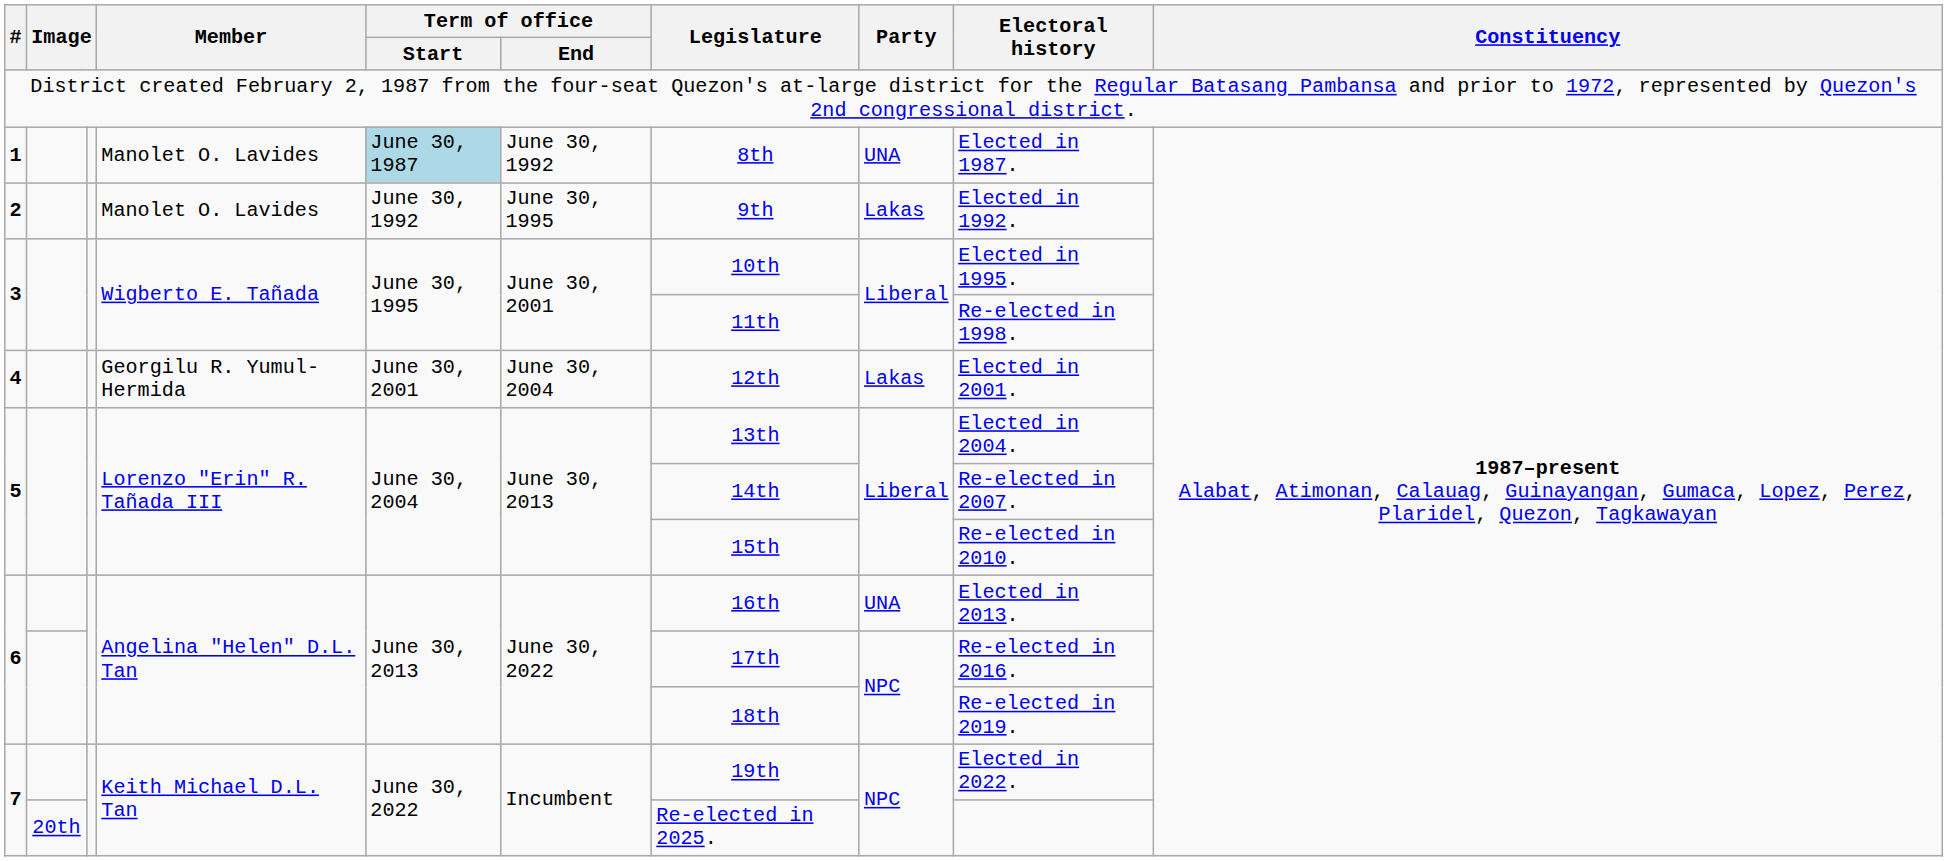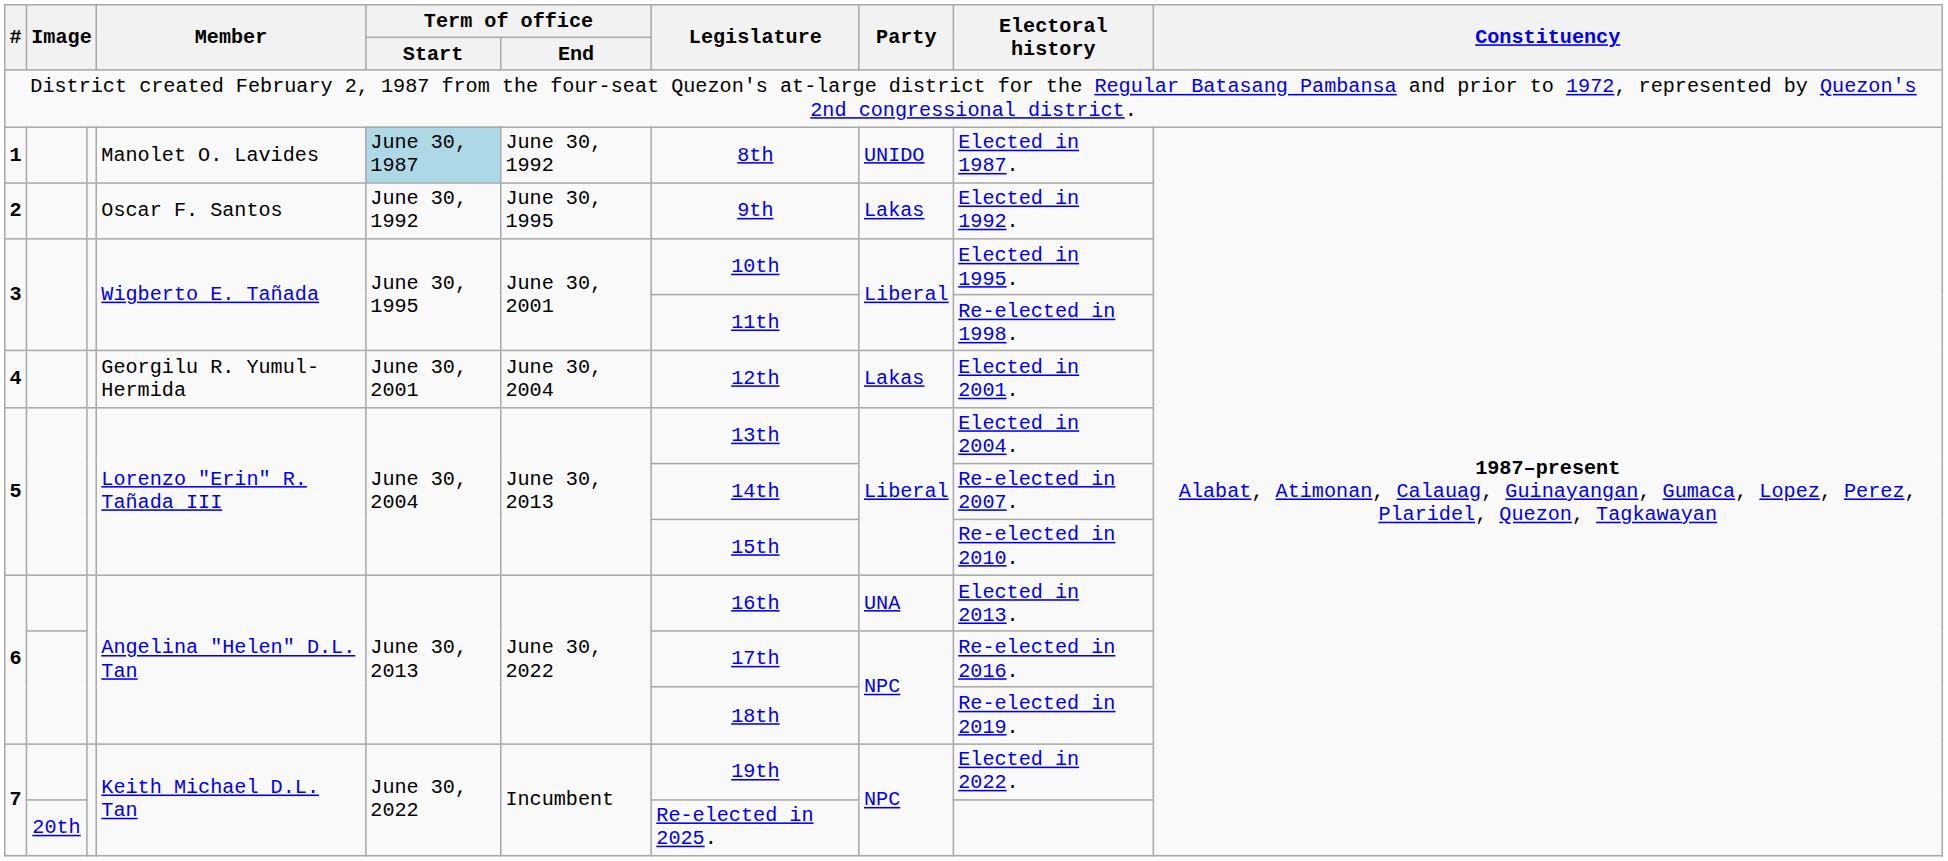 <table class=wikitable>
 <tr>
 <th rowspan="2">#</th>
 <th rowspan="2" colspan=2>Image</th>
 <th rowspan="2">Member</th>
 <th colspan=2>Term of office</th>
 <th rowspan="2">Legislature</th>
 <th rowspan="2">Party</th>
 <th rowspan="2">Electoral history</th>
 <th rowspan="2"><a href='#'>Constituency</a></th>
 </tr>
 <tr>
 <th>Start</th>
 <th>End</th>
 </tr>
 <tr>
 <td colspan="10" style="text-align:center;">District created February 2, 1987 from the four-seat Quezon's at-large district for the <a href='#'>Regular Batasang Pambansa</a> and prior to <a href='#'>1972</a>, represented by <a href='#'>Quezon's 2nd congressional district</a>.</td>
 </tr>
 <tr>
 <td style="text-align:center;"><strong>1</strong></td>
 <td style="color:inherit;background:"></td>
 <td></td>
 <td>Manolet O. Lavides</td>
 <td style="background: lightblue;">June 30, 1987</td>
 <td>June 30, 1992</td>
 <td style="text-align:center;"><a href='#'>8th</a></td>
-<td><a href='#'>UNA</a></td>
+<td><a href='#'>UNIDO</a></td>
 <td><a href='#'>Elected in 1987</a>.</td>
 <td rowspan="13" style="text-align:center;"><strong>1987–present</strong><br> <a href='#'>Alabat</a>, <a href='#'>Atimonan</a>, <a href='#'>Calauag</a>, <a href='#'>Guinayangan</a>, <a href='#'>Gumaca</a>, <a href='#'>Lopez</a>, <a href='#'>Perez</a>, <a href='#'>Plaridel</a>, <a href='#'>Quezon</a>, <a href='#'>Tagkawayan</a></td>
 </tr>
 <tr>
 <td style="text-align:center;"><strong>2</strong></td>
 <td style="color:inherit;background:"></td>
 <td></td>
-<td>Manolet O. Lavides</td>
+<td>Oscar F. Santos</td>
 <td>June 30, 1992</td>
 <td>June 30, 1995</td>
 <td style="text-align:center;"><a href='#'>9th</a></td>
 <td><a href='#'>Lakas</a></td>
 <td><a href='#'>Elected in 1992</a>.</td>
 </tr>
 <tr>
 <td rowspan="2" style="text-align:center;"><strong>3</strong></td>
 <td rowspan="2" style="color:inherit;background:"></td>
 <td rowspan="2"></td>
 <td rowspan="2"><a href='#'>Wigberto E. Tañada</a></td>
 <td rowspan="2">June 30, 1995</td>
 <td rowspan="2">June 30, 2001</td>
 <td style="text-align:center;"><a href='#'>10th</a></td>
 <td rowspan="2"><a href='#'>Liberal</a></td>
 <td><a href='#'>Elected in 1995</a>.</td>
 </tr>
 <tr>
 <td style="text-align:center;"><a href='#'>11th</a></td>
 <td><a href='#'>Re-elected in 1998</a>.</td>
 </tr>
 <tr>
 <td style="text-align:center;"><strong>4</strong></td>
 <td style="color:inherit;background:"></td>
 <td></td>
 <td>Georgilu R. Yumul-Hermida</td>
 <td>June 30, 2001</td>
 <td>June 30, 2004</td>
 <td style="text-align:center;"><a href='#'>12th</a></td>
 <td><a href='#'>Lakas</a></td>
 <td><a href='#'>Elected in 2001</a>.</td>
 </tr>
 <tr>
 <td rowspan="3" style="text-align:center;"><strong>5</strong></td>
 <td rowspan="3" style="color:inherit;background:"></td>
 <td rowspan="3"></td>
 <td rowspan="3"><a href='#'>Lorenzo "Erin" R. Tañada III</a></td>
 <td rowspan="3">June 30, 2004</td>
 <td rowspan="3">June 30, 2013</td>
 <td style="text-align:center;"><a href='#'>13th</a></td>
 <td rowspan="3"><a href='#'>Liberal</a></td>
 <td><a href='#'>Elected in 2004</a>.</td>
 </tr>
 <tr>
 <td style="text-align:center;"><a href='#'>14th</a></td>
 <td><a href='#'>Re-elected in 2007</a>.</td>
 </tr>
 <tr>
 <td style="text-align:center;"><a href='#'>15th</a></td>
 <td><a href='#'>Re-elected in 2010</a>.</td>
 </tr>
 <tr>
 <td rowspan="3" style="text-align:center;"><strong>6</strong></td>
 <td style="color:inherit;background:"></td>
 <td rowspan="3"></td>
 <td rowspan="3"><a href='#'>Angelina "Helen" D.L. Tan</a></td>
 <td rowspan="3">June 30, 2013</td>
 <td rowspan="3">June 30, 2022</td>
 <td style="text-align:center;"><a href='#'>16th</a></td>
 <td><a href='#'>UNA</a></td>
 <td><a href='#'>Elected in 2013</a>.</td>
 </tr>
 <tr>
 <td rowspan="2" style="color:inherit;background:"></td>
 <td style="text-align:center;"><a href='#'>17th</a></td>
 <td rowspan="2"><a href='#'>NPC</a></td>
 <td><a href='#'>Re-elected in 2016</a>.</td>
 </tr>
 <tr>
 <td style="text-align:center;"><a href='#'>18th</a></td>
 <td><a href='#'>Re-elected in 2019</a>.</td>
 </tr>
 <tr>
 <td rowspan="2" style="text-align:center;"><strong>7</strong></td>
 <td style="color:inherit;background:"></td>
 <td rowspan="2"></td>
 <td rowspan="2"><a href='#'>Keith Michael D.L. Tan</a></td>
 <td rowspan="2">June 30, 2022</td>
 <td rowspan="2">Incumbent</td>
 <td style="text-align:center;"><a href='#'>19th</a></td>
 <td rowspan="2"><a href='#'>NPC</a></td>
 <td><a href='#'>Elected in 2022</a>.</td>
 </tr>
 <tr>
 <td style="text-align: center;"><a href='#'>20th</a></td>
 <td><a href='#'>Re-elected in 2025</a>.</td>
 </tr>
 </table>
